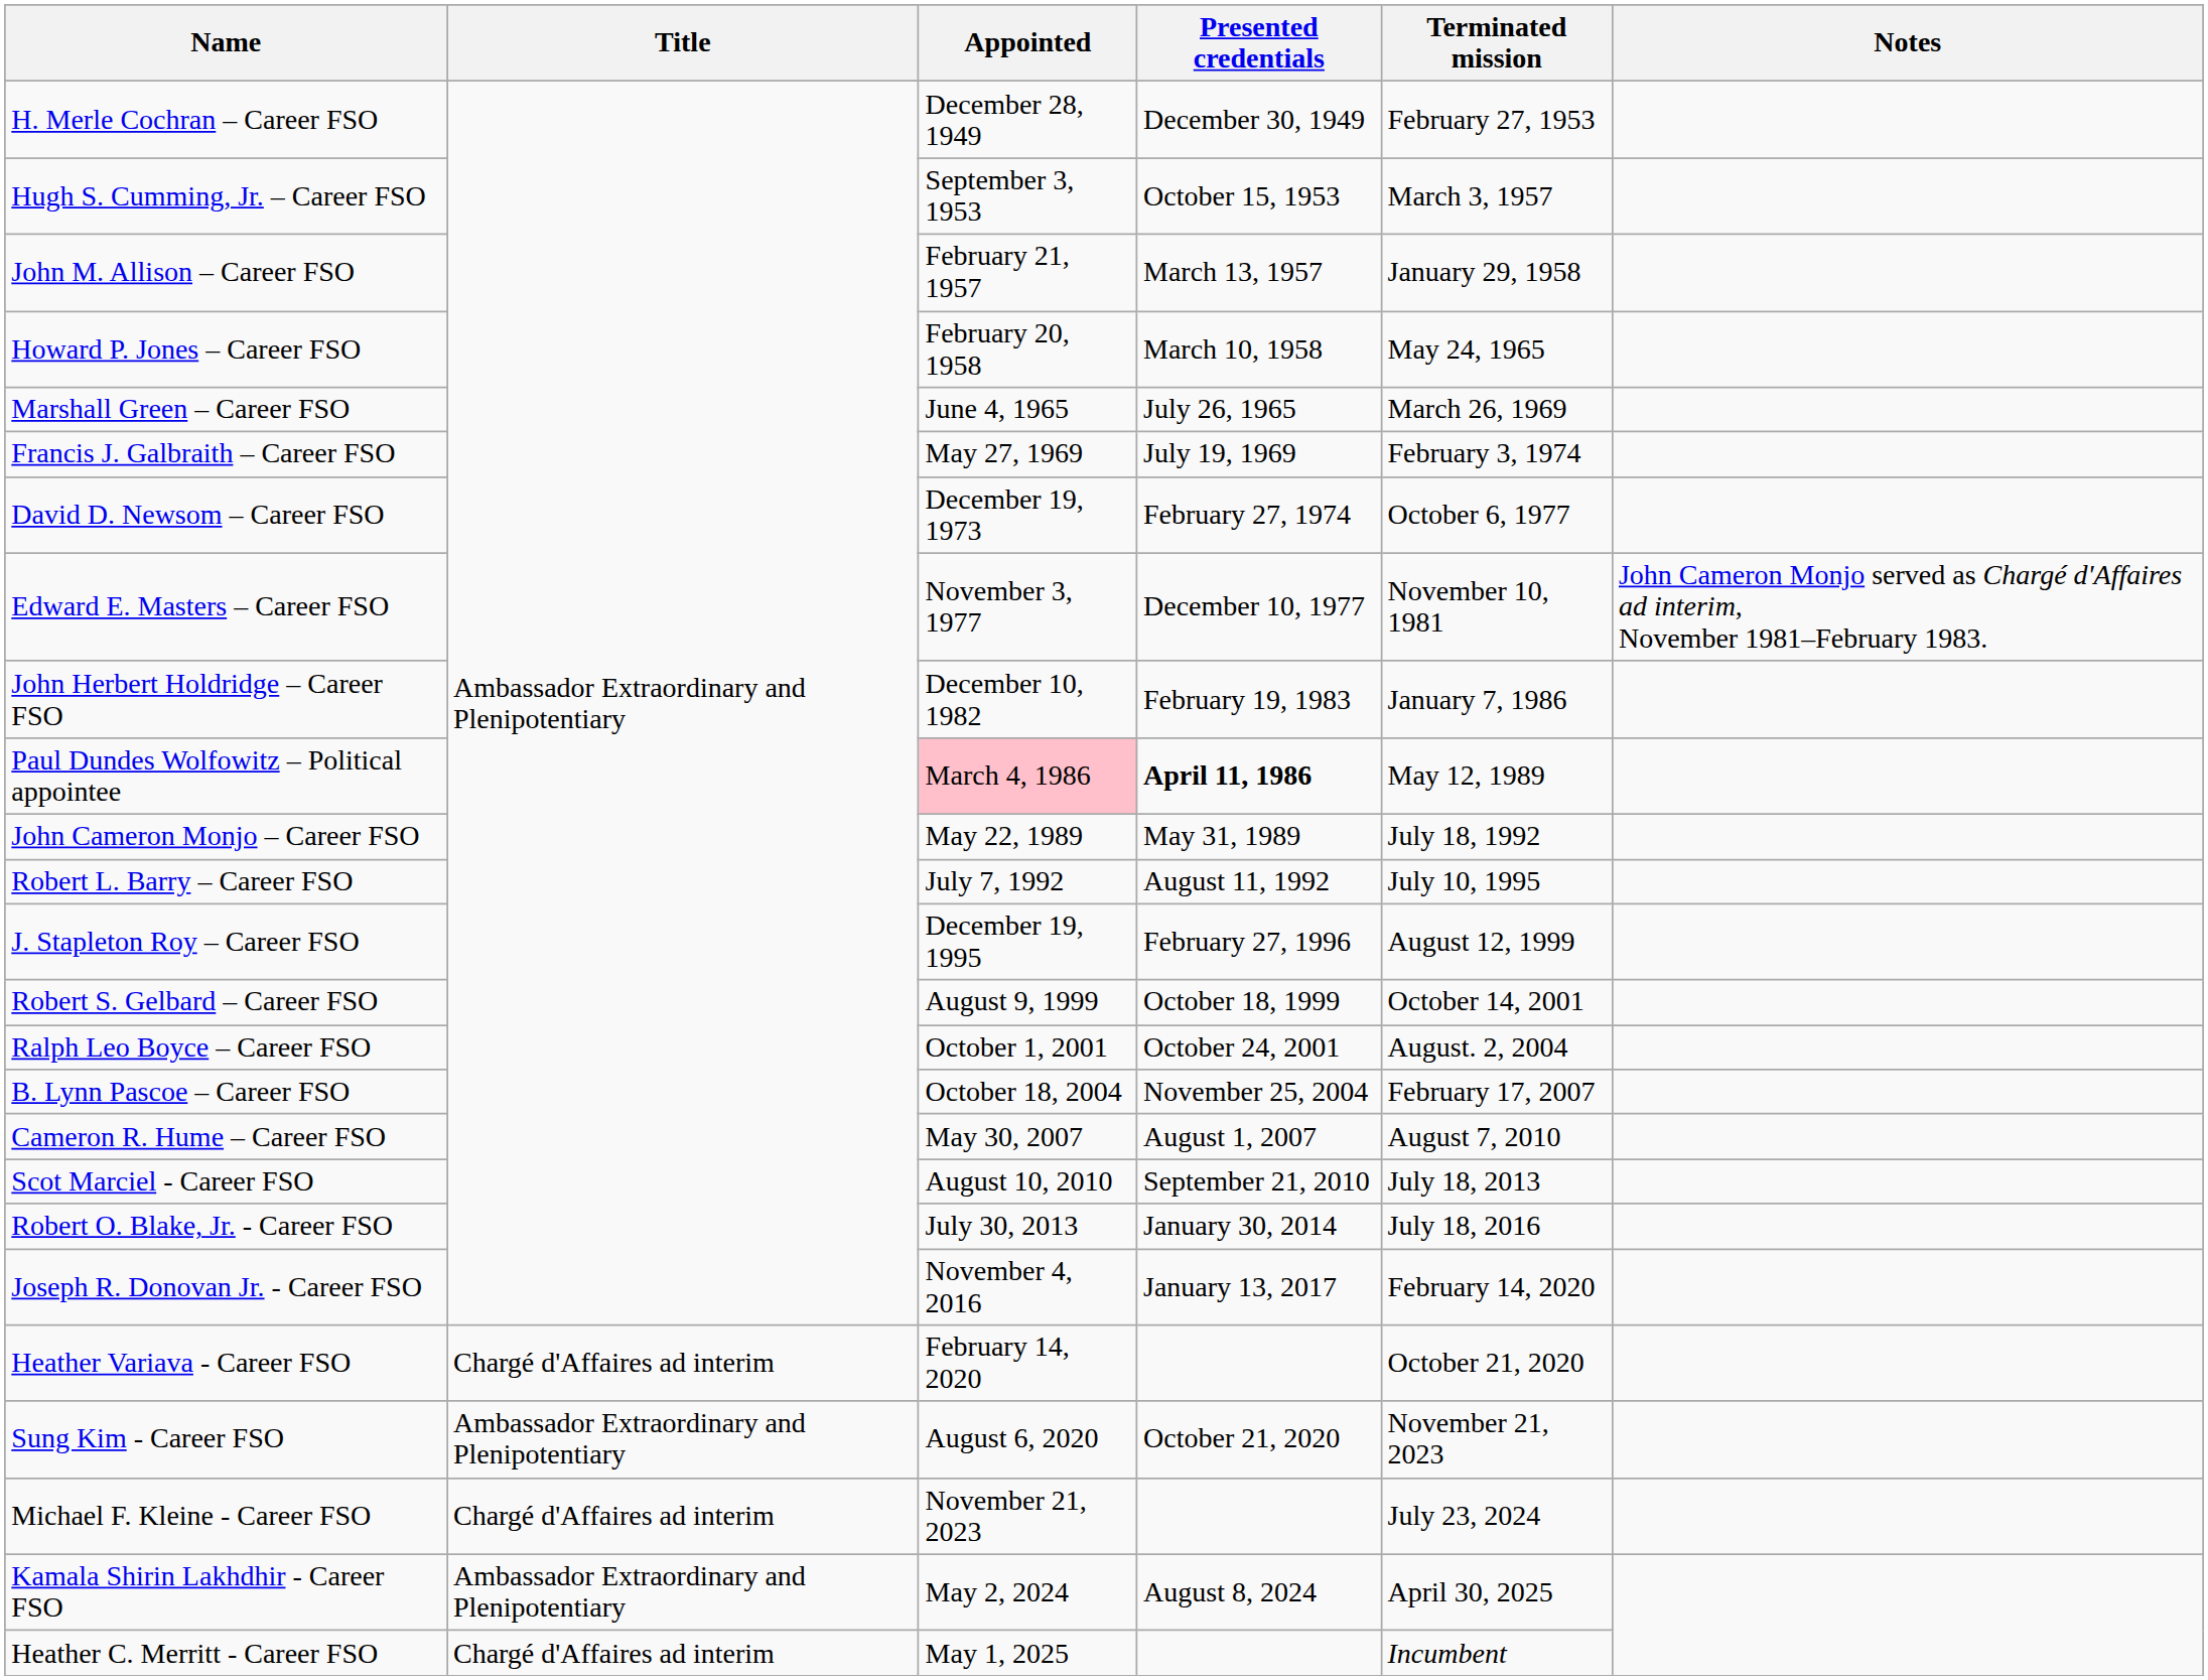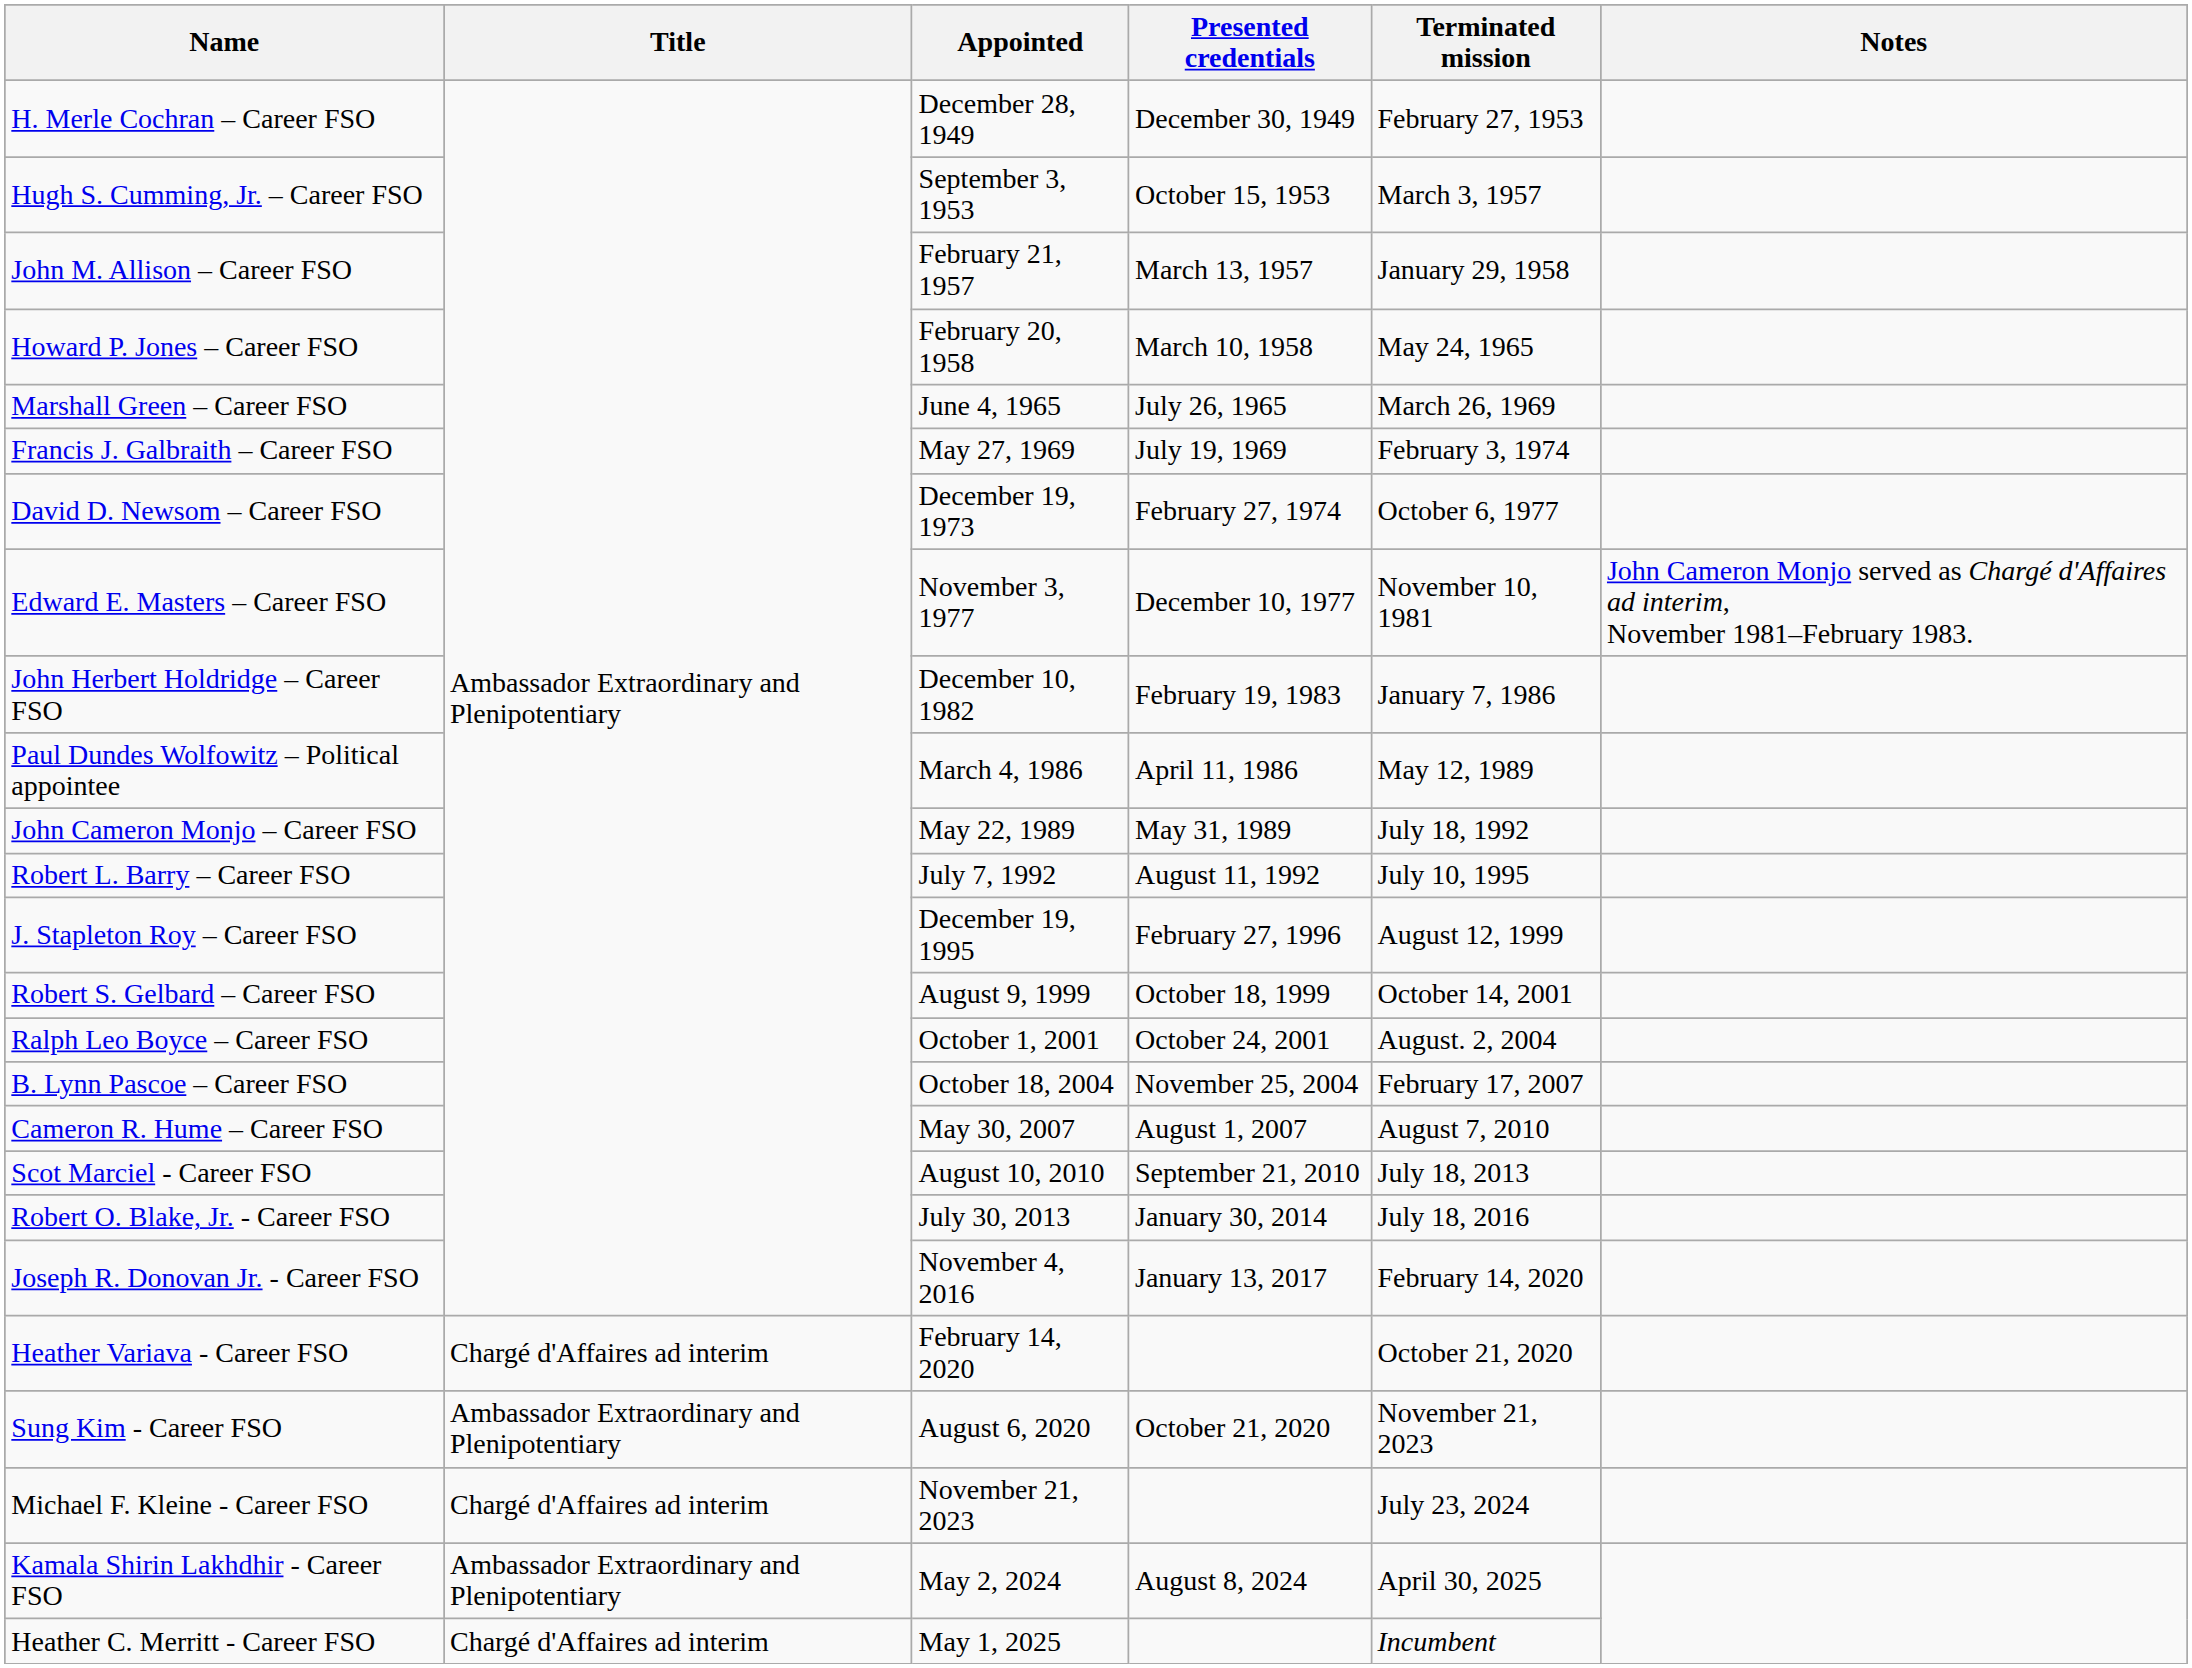 <table class="wikitable">
 <tr>
 <th>Name</th>
 <th>Title</th>
 <th>Appointed</th>
 <th><a href='#'>Presented credentials</a></th>
 <th>Terminated mission</th>
 <th>Notes</th>
 </tr>
 <tr>
 <td><a href='#'>H. Merle Cochran</a> – Career FSO</td>
 <td rowspan="20">Ambassador Extraordinary and Plenipotentiary</td>
 <td>December 28, 1949</td>
 <td>December 30, 1949</td>
 <td>February 27, 1953</td>
 <td></td>
 </tr>
 <tr>
 <td><a href='#'>Hugh S. Cumming, Jr.</a> – Career FSO</td>
 <td>September 3, 1953</td>
 <td>October 15, 1953</td>
 <td>March 3, 1957</td>
 <td></td>
 </tr>
 <tr>
 <td><a href='#'>John M. Allison</a> – Career FSO</td>
 <td>February 21, 1957</td>
 <td>March 13, 1957</td>
 <td>January 29, 1958</td>
 <td></td>
 </tr>
 <tr>
 <td><a href='#'>Howard P. Jones</a> – Career FSO</td>
 <td>February 20, 1958</td>
 <td>March 10, 1958</td>
 <td>May 24, 1965</td>
 <td></td>
 </tr>
 <tr>
 <td><a href='#'>Marshall Green</a> – Career FSO</td>
 <td>June 4, 1965</td>
 <td>July 26, 1965</td>
 <td>March 26, 1969</td>
 <td></td>
 </tr>
 <tr>
 <td><a href='#'>Francis J. Galbraith</a> – Career FSO</td>
 <td>May 27, 1969</td>
 <td>July 19, 1969</td>
 <td>February 3, 1974</td>
 <td></td>
 </tr>
 <tr>
 <td><a href='#'>David D. Newsom</a> – Career FSO</td>
 <td>December 19, 1973</td>
 <td>February 27, 1974</td>
 <td>October 6, 1977</td>
 <td></td>
 </tr>
 <tr>
 <td><a href='#'>Edward E. Masters</a> – Career FSO</td>
 <td>November 3, 1977</td>
 <td>December 10, 1977</td>
 <td>November 10, 1981</td>
 <td><a href='#'>John Cameron Monjo</a> served as <em>Chargé d'Affaires ad interim</em>,<br>November 1981–February 1983.</td>
 </tr>
 <tr>
 <td><a href='#'>John Herbert Holdridge</a> – Career FSO</td>
 <td>December 10, 1982</td>
 <td>February 19, 1983</td>
 <td>January 7, 1986</td>
 <td></td>
 </tr>
 <tr>
 <td><a href='#'>Paul Dundes Wolfowitz</a> – Political appointee</td>
-<td style="background: pink;">March 4, 1986</td>
-<td><strong>April 11, 1986</strong></td>
+<td>March 4, 1986</td>
+<td>April 11, 1986</td>
 <td>May 12, 1989</td>
 <td></td>
 </tr>
 <tr>
 <td><a href='#'>John Cameron Monjo</a> – Career FSO</td>
 <td>May 22, 1989</td>
 <td>May 31, 1989</td>
 <td>July 18, 1992</td>
 <td></td>
 </tr>
 <tr>
 <td><a href='#'>Robert L. Barry</a> – Career FSO</td>
 <td>July 7, 1992</td>
 <td>August 11, 1992</td>
 <td>July 10, 1995</td>
 <td></td>
 </tr>
 <tr>
 <td><a href='#'>J. Stapleton Roy</a> – Career FSO</td>
 <td>December 19, 1995</td>
 <td>February 27, 1996</td>
 <td>August 12, 1999</td>
 <td></td>
 </tr>
 <tr>
 <td><a href='#'>Robert S. Gelbard</a> – Career FSO</td>
 <td>August 9, 1999</td>
 <td>October 18, 1999</td>
 <td>October 14, 2001</td>
 <td></td>
 </tr>
 <tr>
 <td><a href='#'>Ralph Leo Boyce</a> – Career FSO</td>
 <td>October 1, 2001</td>
 <td>October 24, 2001</td>
 <td>August. 2, 2004</td>
 <td></td>
 </tr>
 <tr>
 <td><a href='#'>B. Lynn Pascoe</a> – Career FSO</td>
 <td>October 18, 2004</td>
 <td>November 25, 2004</td>
 <td>February 17, 2007</td>
 <td></td>
 </tr>
 <tr>
 <td><a href='#'>Cameron R. Hume</a> – Career FSO</td>
 <td>May 30, 2007</td>
 <td>August 1, 2007</td>
 <td>August 7, 2010</td>
 <td></td>
 </tr>
 <tr>
 <td><a href='#'>Scot Marciel</a> - Career FSO</td>
 <td>August 10, 2010</td>
 <td>September 21, 2010</td>
 <td>July 18, 2013</td>
 <td></td>
 </tr>
 <tr>
 <td><a href='#'>Robert O. Blake, Jr.</a> - Career FSO</td>
 <td>July 30, 2013</td>
 <td>January 30, 2014</td>
 <td>July 18, 2016</td>
 <td></td>
 </tr>
 <tr>
 <td><a href='#'>Joseph R. Donovan Jr.</a> - Career FSO</td>
 <td>November 4, 2016</td>
 <td>January 13, 2017</td>
 <td>February 14, 2020</td>
 <td></td>
 </tr>
 <tr>
 <td><a href='#'>Heather Variava</a> - Career FSO</td>
 <td>Chargé d'Affaires ad interim</td>
 <td>February 14, 2020</td>
 <td></td>
 <td>October 21, 2020</td>
 <td></td>
 </tr>
 <tr>
 <td><a href='#'>Sung Kim</a> - Career FSO</td>
 <td>Ambassador Extraordinary and Plenipotentiary</td>
 <td>August 6, 2020</td>
 <td>October 21, 2020</td>
 <td>November 21, 2023</td>
 <td></td>
 </tr>
 <tr>
 <td>Michael F. Kleine - Career FSO</td>
 <td>Chargé d'Affaires ad interim</td>
 <td>November 21, 2023</td>
 <td></td>
 <td>July 23, 2024</td>
 <td></td>
 </tr>
 <tr>
 <td><a href='#'>Kamala Shirin Lakhdhir</a> - Career FSO</td>
 <td>Ambassador Extraordinary and Plenipotentiary</td>
 <td>May 2, 2024</td>
 <td>August 8, 2024</td>
 <td>April 30, 2025</td>
 </tr>
 <tr>
 <td>Heather C. Merritt - Career FSO</td>
 <td>Chargé d'Affaires ad interim</td>
 <td>May 1, 2025</td>
 <td></td>
 <td><em>Incumbent</em></td>
 </tr>
 </table>
